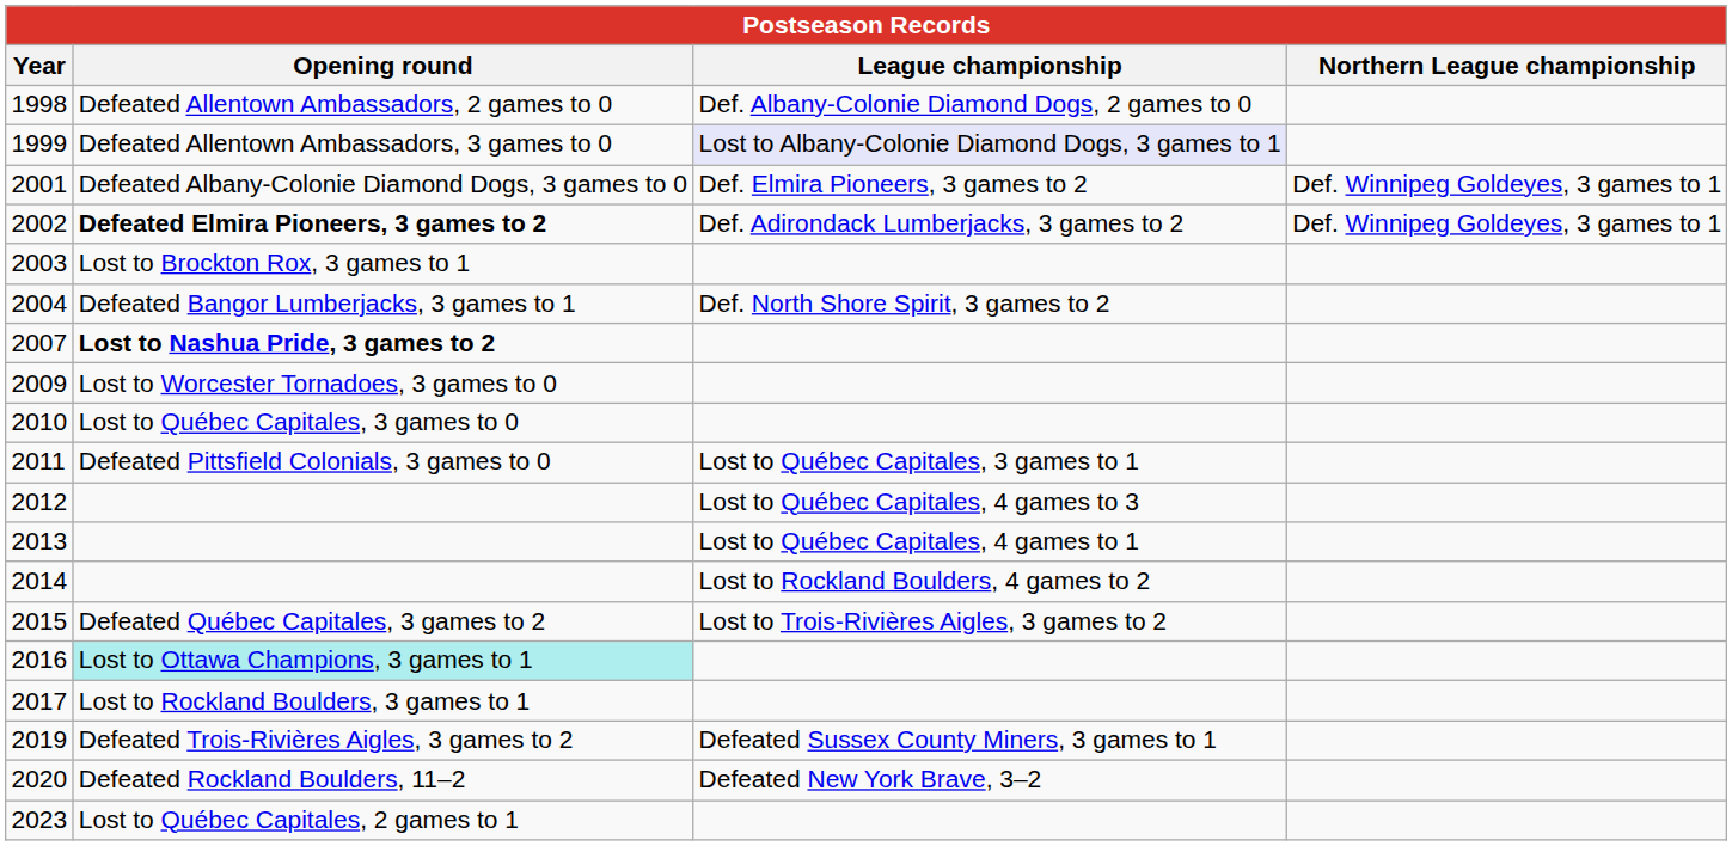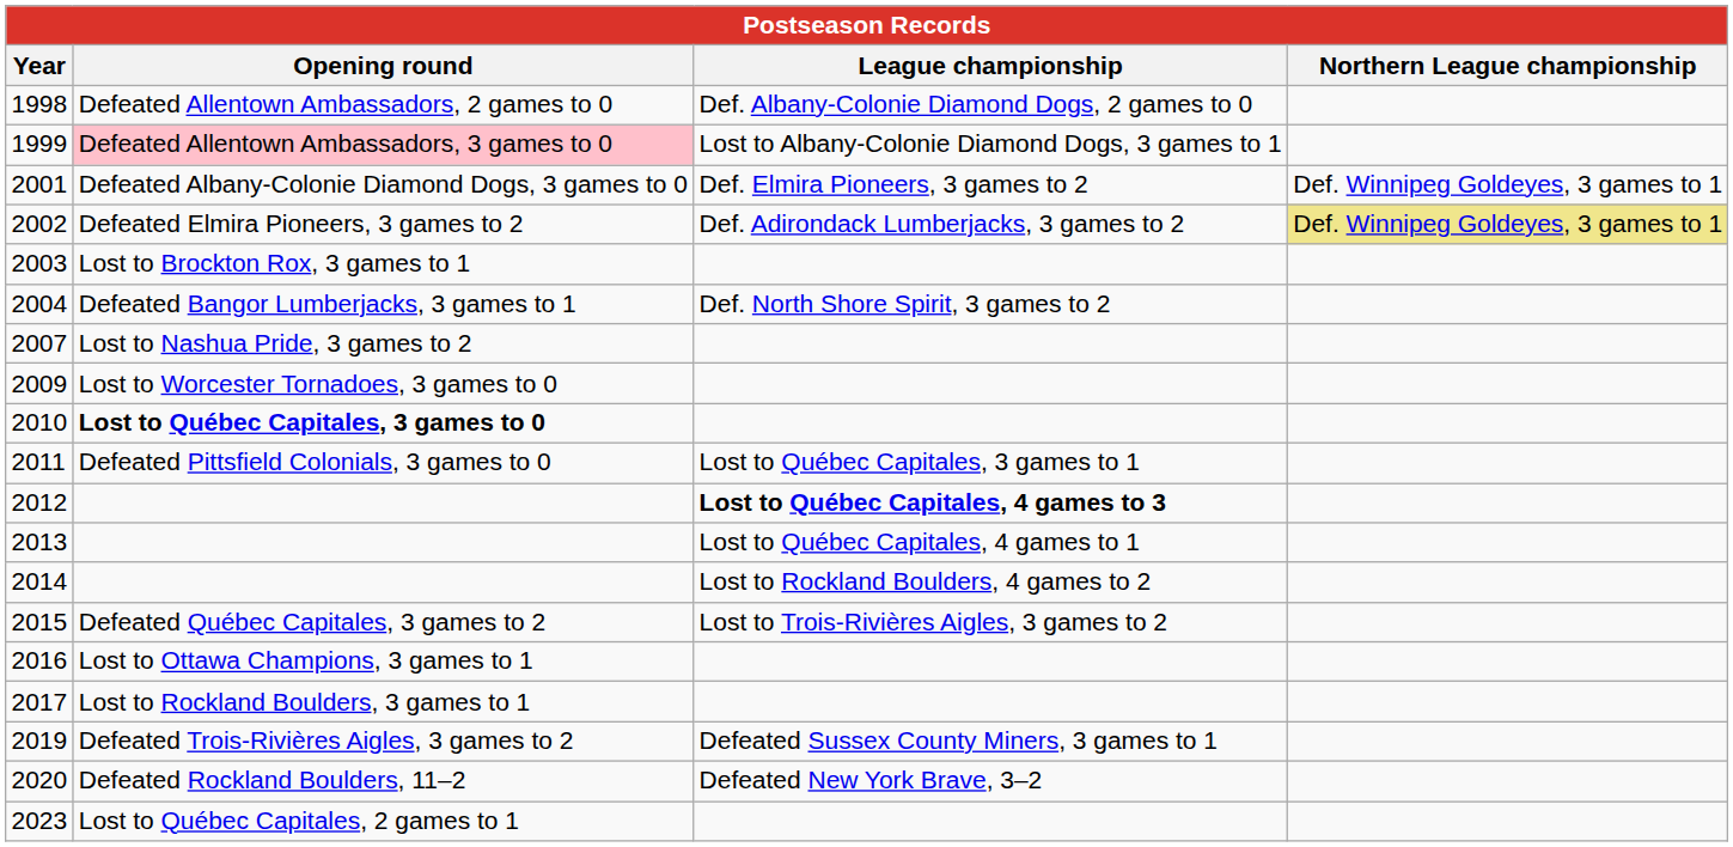 <table class="wikitable">
 <tr>
 <th colspan="5" style="background:#DB332A;color:white">Postseason Records</th>
 </tr>
 <tr>
 <th>Year</th>
 <th>Opening round</th>
 <th>League championship</th>
 <th>Northern League championship</th>
 </tr>
 <tr>
 <td>1998</td>
 <td>Defeated <a href='#'>Allentown Ambassadors</a>, 2 games to 0</td>
 <td>Def. <a href='#'>Albany-Colonie Diamond Dogs</a>, 2 games to 0</td>
 <td></td>
 </tr>
 <tr>
 <td>1999</td>
-<td>Defeated Allentown Ambassadors, 3 games to 0</td>
-<td style="background: lavender;">Lost to Albany-Colonie Diamond Dogs, 3 games to 1</td>
+<td style="background: pink;">Defeated Allentown Ambassadors, 3 games to 0</td>
+<td>Lost to Albany-Colonie Diamond Dogs, 3 games to 1</td>
 <td></td>
 </tr>
 <tr>
 <td>2001</td>
 <td>Defeated Albany-Colonie Diamond Dogs, 3 games to 0</td>
 <td>Def. <a href='#'>Elmira Pioneers</a>, 3 games to 2</td>
 <td>Def. <a href='#'>Winnipeg Goldeyes</a>, 3 games to 1</td>
 </tr>
 <tr>
 <td>2002</td>
-<td><strong>Defeated Elmira Pioneers, 3 games to 2</strong></td>
+<td>Defeated Elmira Pioneers, 3 games to 2</td>
 <td>Def. <a href='#'>Adirondack Lumberjacks</a>, 3 games to 2</td>
-<td>Def. <a href='#'>Winnipeg Goldeyes</a>, 3 games to 1</td>
+<td style="background: khaki;">Def. <a href='#'>Winnipeg Goldeyes</a>, 3 games to 1</td>
 </tr>
 <tr>
 <td>2003</td>
 <td>Lost to <a href='#'>Brockton Rox</a>, 3 games to 1</td>
 <td></td>
 <td></td>
 </tr>
 <tr>
 <td>2004</td>
 <td>Defeated <a href='#'>Bangor Lumberjacks</a>, 3 games to 1</td>
 <td>Def. <a href='#'>North Shore Spirit</a>, 3 games to 2</td>
 <td></td>
 </tr>
 <tr>
 <td>2007</td>
-<td><strong>Lost to <a href='#'>Nashua Pride</a>, 3 games to 2</strong></td>
+<td>Lost to <a href='#'>Nashua Pride</a>, 3 games to 2</td>
 <td></td>
 <td></td>
 </tr>
 <tr>
 <td>2009</td>
 <td>Lost to <a href='#'>Worcester Tornadoes</a>, 3 games to 0</td>
 <td></td>
 <td></td>
 </tr>
 <tr>
 <td>2010</td>
-<td>Lost to <a href='#'>Québec Capitales</a>, 3 games to 0</td>
+<td><strong>Lost to <a href='#'>Québec Capitales</a>, 3 games to 0</strong></td>
 <td></td>
 <td></td>
 </tr>
 <tr>
 <td>2011</td>
 <td>Defeated <a href='#'>Pittsfield Colonials</a>, 3 games to 0</td>
 <td>Lost to <a href='#'>Québec Capitales</a>, 3 games to 1</td>
 <td></td>
 </tr>
 <tr>
 <td>2012</td>
 <td></td>
-<td>Lost to <a href='#'>Québec Capitales</a>, 4 games to 3</td>
+<td><strong>Lost to <a href='#'>Québec Capitales</a>, 4 games to 3</strong></td>
 <td></td>
 </tr>
 <tr>
 <td>2013</td>
 <td></td>
 <td>Lost to <a href='#'>Québec Capitales</a>, 4 games to 1</td>
 <td></td>
 </tr>
 <tr>
 <td>2014</td>
 <td></td>
 <td>Lost to <a href='#'>Rockland Boulders</a>, 4 games to 2</td>
 <td></td>
 </tr>
 <tr>
 <td>2015</td>
 <td>Defeated <a href='#'>Québec Capitales</a>, 3 games to 2</td>
 <td>Lost to <a href='#'>Trois-Rivières Aigles</a>, 3 games to 2</td>
 <td></td>
 </tr>
 <tr>
 <td>2016</td>
-<td style="background: paleturquoise;">Lost to <a href='#'>Ottawa Champions</a>, 3 games to 1</td>
+<td>Lost to <a href='#'>Ottawa Champions</a>, 3 games to 1</td>
 <td></td>
 <td></td>
 </tr>
 <tr>
 <td>2017</td>
 <td>Lost to <a href='#'>Rockland Boulders</a>, 3 games to 1</td>
 <td></td>
 <td></td>
 </tr>
 <tr>
 <td>2019</td>
 <td>Defeated <a href='#'>Trois-Rivières Aigles</a>, 3 games to 2</td>
 <td>Defeated <a href='#'>Sussex County Miners</a>, 3 games to 1</td>
 <td></td>
 </tr>
 <tr>
 <td>2020</td>
 <td>Defeated <a href='#'>Rockland Boulders</a>, 11–2</td>
 <td>Defeated <a href='#'>New York Brave</a>, 3–2</td>
 <td></td>
 </tr>
 <tr>
 <td>2023</td>
 <td>Lost to <a href='#'>Québec Capitales</a>, 2 games to 1</td>
 <td></td>
 <td></td>
 </tr>
 </table>
